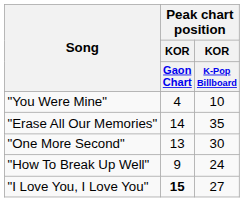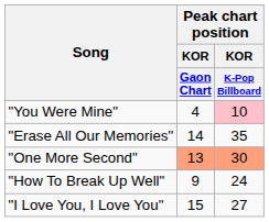 <table class="wikitable sortable" style="text-align:center;">
 <tr>
 <th rowspan="3">Song</th>
 <th colspan="9">Peak chart position</th>
 </tr>
 <tr>
 <th colspan="1" width="30"><small>KOR</small></th>
 <th colspan width="30"><small>KOR</small></th>
 </tr>
 <tr style="font-size:smaller;">
 <th><a href='#'>Gaon Chart</a></th>
 <th width="30"><small><a href='#'>K-Pop</a> <a href='#'>Billboard</a></small></th>
 </tr>
 <tr>
 <td align="left">"You Were Mine"</td>
 <td>4</td>
-<td>10</td>
+<td style="background: pink;">10</td>
 </tr>
 <tr>
 <td align="left">"Erase All Our Memories"</td>
 <td>14</td>
 <td>35</td>
 </tr>
 <tr>
 <td align="left">"One More Second"</td>
-<td>13</td>
-<td>30</td>
+<td style="background: lightsalmon;">13</td>
+<td style="background: lightsalmon;">30</td>
 </tr>
 <tr>
 <td align="left">"How To Break Up Well"</td>
 <td>9</td>
 <td>24</td>
 </tr>
 <tr>
 <td align="left">"I Love You, I Love You"</td>
-<td><strong>15</strong></td>
+<td>15</td>
 <td>27</td>
 </tr>
 </table>
